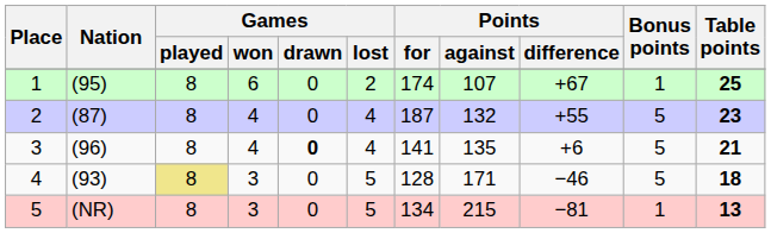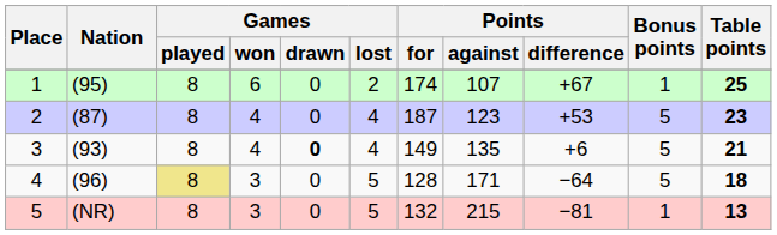 <table class="wikitable">
 <tr>
 <th rowspan=2 width="6%">Place</th>
 <th rowspan=2 width="23%">Nation</th>
 <th colspan=4 width="40%">Games</th>
 <th colspan=3 width="24%">Points</th>
 <th rowspan=2 width="8%">Bonus<br>points</th>
 <th rowspan=2 width="10%">Table<br>points</th>
 </tr>
 <tr>
 <th width="8%">played</th>
 <th width="8%">won</th>
 <th width="8%">drawn</th>
 <th width="8%">lost</th>
 <th width="8%">for</th>
 <th width="8%">against</th>
 <th width="8%">difference</th>
 </tr>
 <tr>
 </tr>
 <tr align=center bgcolor="#ccffcc">
 <td>1</td>
 <td align=left> (95)</td>
 <td>8</td>
 <td>6</td>
 <td>0</td>
 <td>2</td>
 <td>174</td>
 <td>107</td>
 <td>+67</td>
 <td>1</td>
 <td><strong>25</strong></td>
 </tr>
 <tr align=center bgcolor="#ccccff">
 <td>2</td>
 <td align=left> (87)</td>
 <td>8</td>
 <td>4</td>
 <td>0</td>
 <td>4</td>
 <td>187</td>
-<td>132</td>
-<td>+55</td>
+<td>123</td>
+<td>+53</td>
 <td>5</td>
 <td><strong>23</strong></td>
 </tr>
 <tr align=center>
 <td>3</td>
-<td align=left> (96)</td>
+<td align=left> (93)</td>
 <td>8</td>
 <td>4</td>
 <td><strong>0</strong></td>
 <td>4</td>
-<td>141</td>
+<td>149</td>
 <td>135</td>
 <td>+6</td>
 <td>5</td>
 <td><strong>21</strong></td>
 </tr>
 <tr align=center>
 <td>4</td>
-<td align=left> (93)</td>
+<td align=left> (96)</td>
 <td style="background: khaki;">8</td>
 <td>3</td>
 <td>0</td>
 <td>5</td>
 <td>128</td>
 <td>171</td>
-<td>−46</td>
+<td>−64</td>
 <td>5</td>
 <td><strong>18</strong></td>
 </tr>
 <tr align=center bgcolor="#ffcccc">
 <td>5</td>
 <td align=left> (NR)</td>
 <td>8</td>
 <td>3</td>
 <td>0</td>
 <td>5</td>
-<td>134</td>
+<td>132</td>
 <td>215</td>
 <td>−81</td>
 <td>1</td>
 <td><strong>13</strong></td>
 </tr>
 </table>
